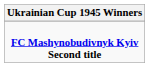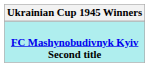 <table class="wikitable" style="text-align: center; margin: 0 auto;">
 <tr>
 <th>Ukrainian Cup 1945 Winners</th>
 </tr>
 <tr>
 </tr>
 <tr>
-<td><br><strong><a href='#'>FC Mashynobudivnyk Kyiv</a></strong><br><strong>Second title</strong></td>
+<td style="background: paleturquoise;"><br><strong><a href='#'>FC Mashynobudivnyk Kyiv</a></strong><br><strong>Second title</strong></td>
 </tr>
 </table>
